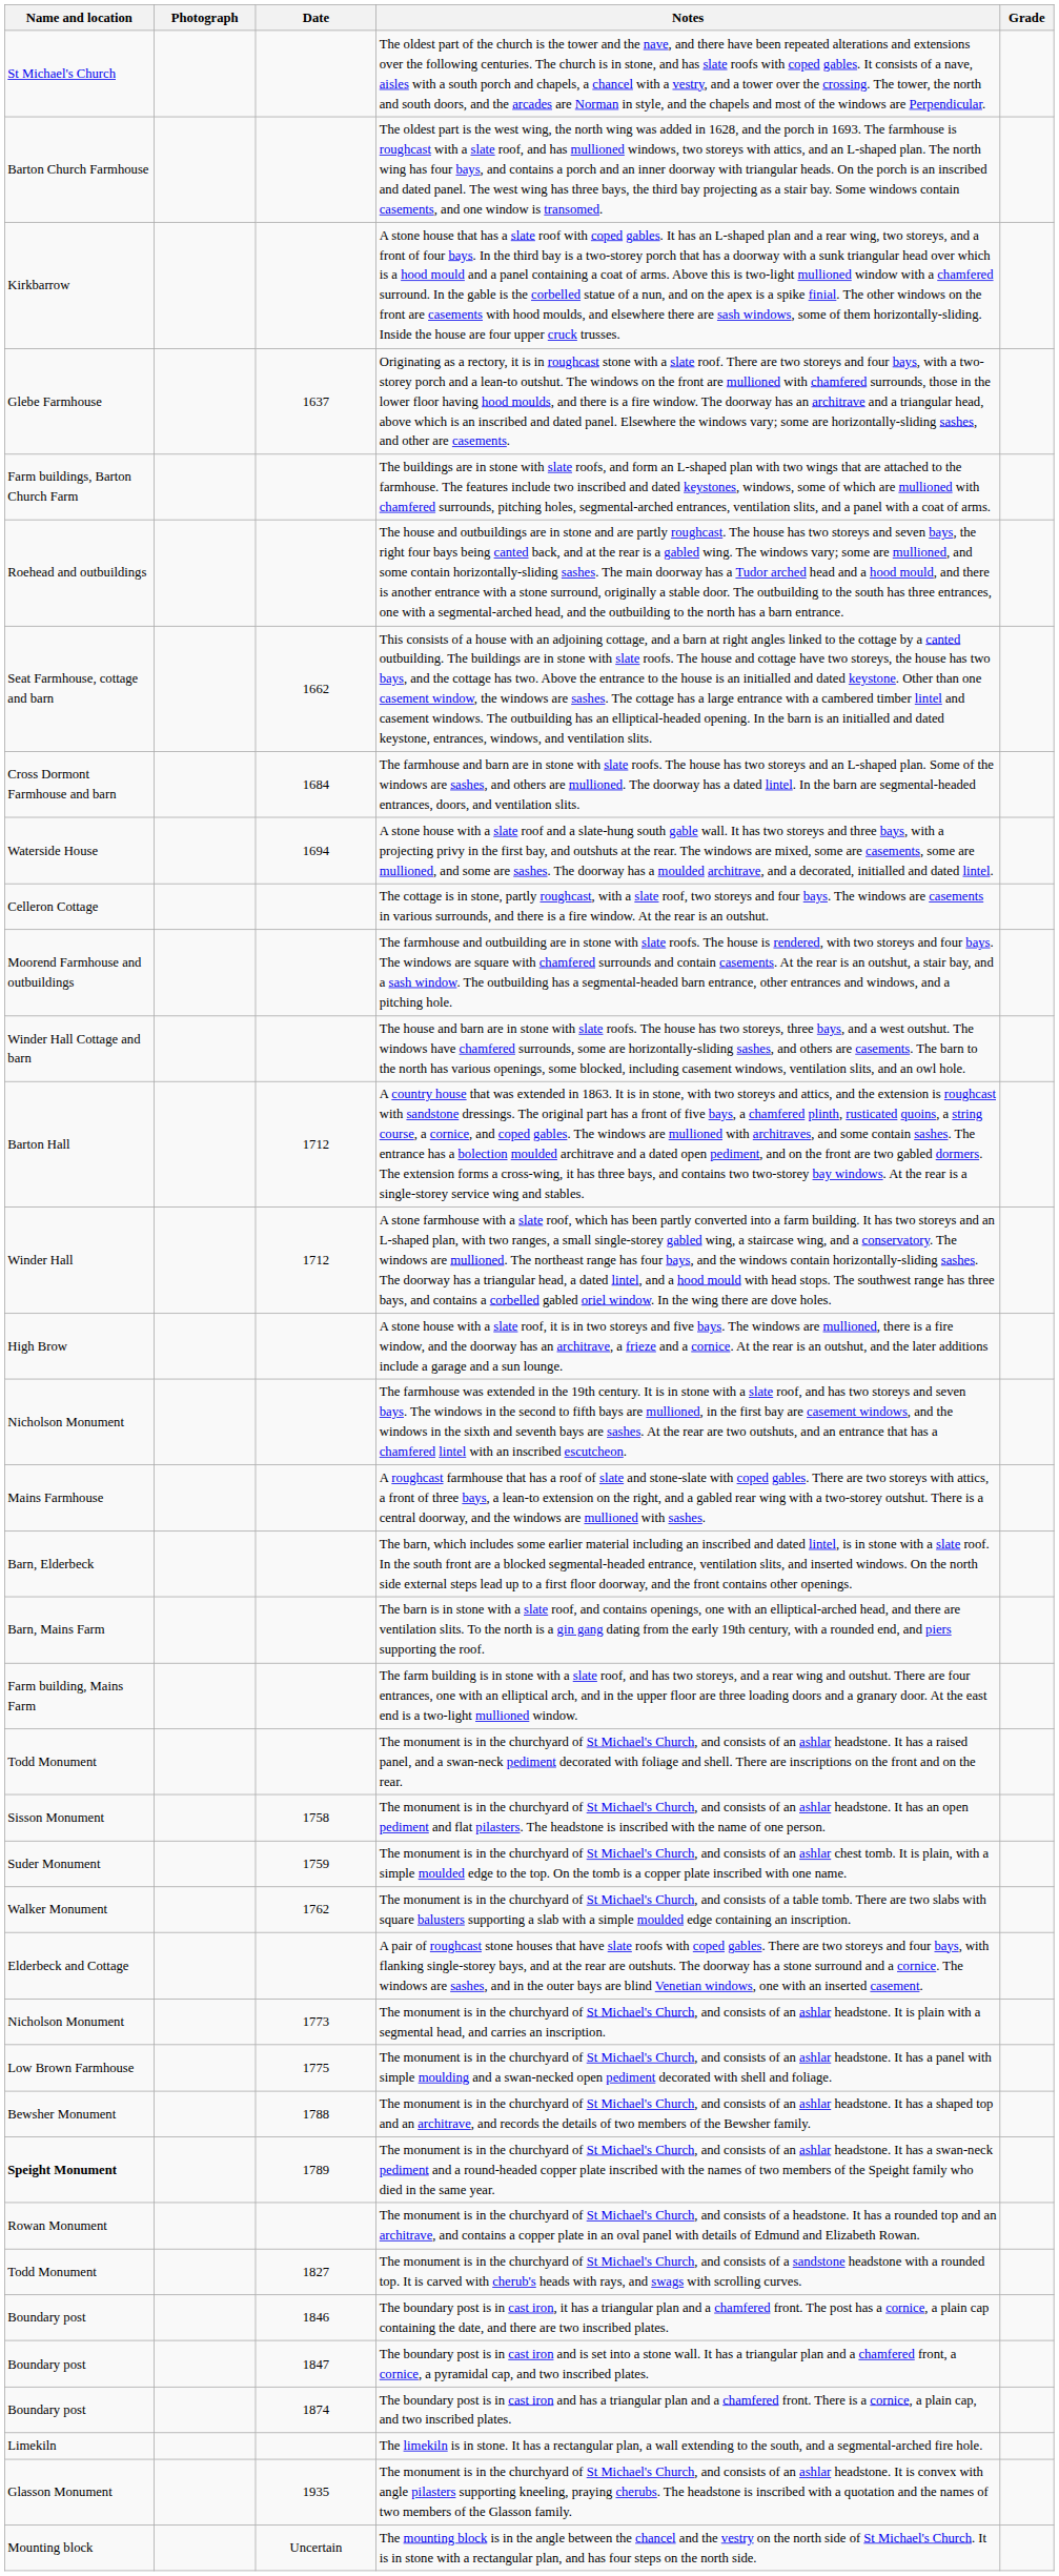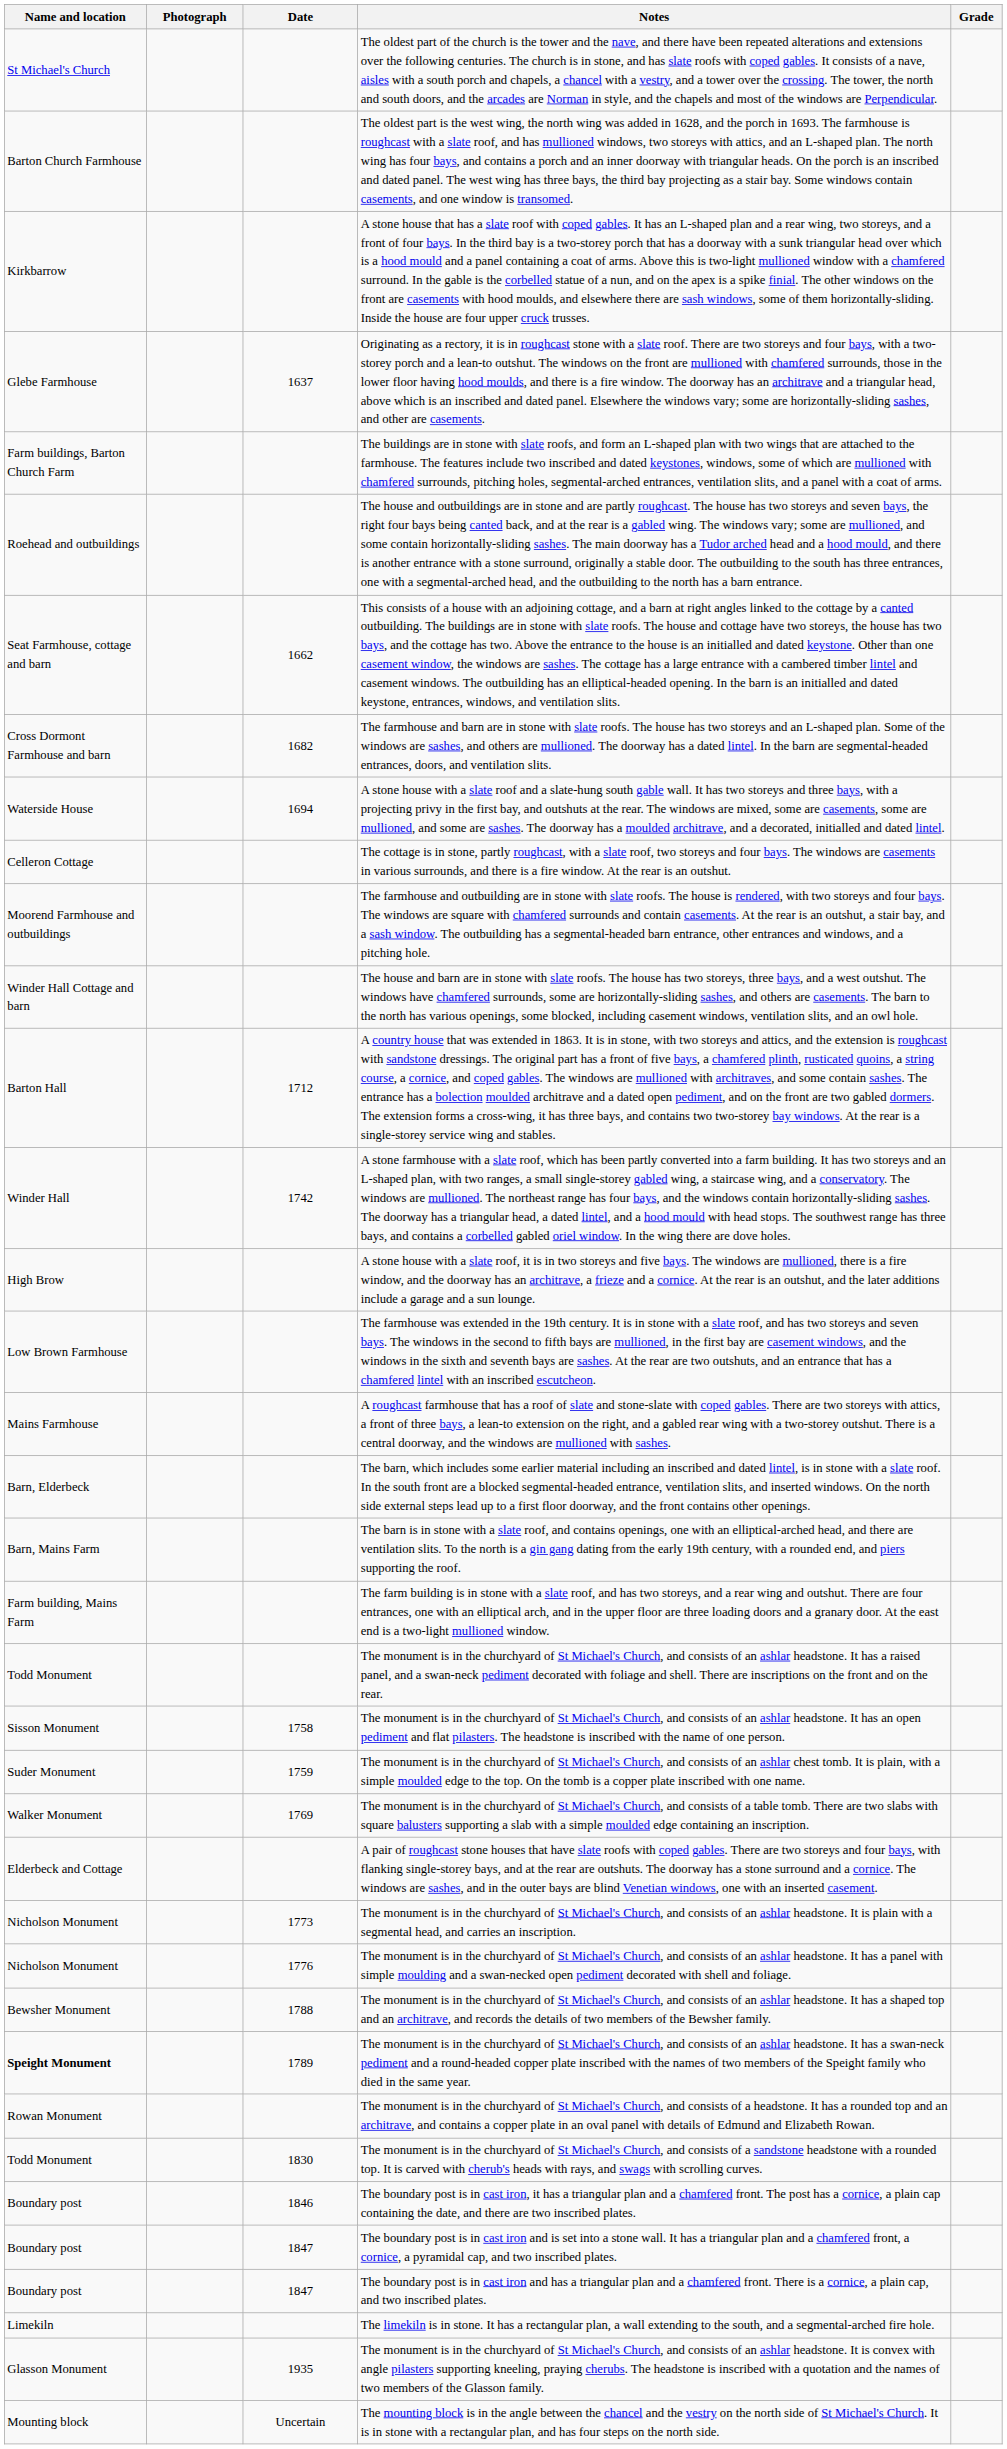 <table class="wikitable sortable plainrowheaders" style="width:100%; border:0; text-align:left; line-height:150%;">
 <tr>
 <th scope="col"  style="width:150px">Name and location</th>
 <th scope="col"  style="width:100px" class="unsortable">Photograph</th>
 <th scope="col"  style="width:120px">Date</th>
 <th scope="col"  style="width:650px" class="unsortable">Notes</th>
 <th scope="col"  style="width:50px">Grade</th>
 </tr>
 <tr>
 <td><a href='#'>St Michael's Church</a><br><small></small></td>
 <td></td>
 <td align="center"></td>
 <td>The oldest part of the church is the tower and the <a href='#'>nave</a>, and there have been repeated alterations and extensions over the following centuries.  The church is in stone, and has <a href='#'>slate</a> roofs with <a href='#'>coped</a> <a href='#'>gables</a>.  It consists of a nave, <a href='#'>aisles</a> with a south porch and chapels, a <a href='#'>chancel</a> with a <a href='#'>vestry</a>, and a tower over the <a href='#'>crossing</a>.  The tower, the north and south doors, and the <a href='#'>arcades</a> are <a href='#'>Norman</a> in style, and the chapels and most of the windows are <a href='#'>Perpendicular</a>.</td>
 <td align="center" ></td>
 </tr>
 <tr>
 <td>Barton Church Farmhouse<br><small></small></td>
 <td></td>
 <td align="center"></td>
 <td>The oldest part is the west wing, the north wing was added in 1628, and the porch in 1693.  The farmhouse is <a href='#'>roughcast</a> with a <a href='#'>slate</a> roof, and has <a href='#'>mullioned</a> windows, two storeys with attics, and an L-shaped plan.  The north wing has four <a href='#'>bays</a>, and contains a porch and an inner doorway with triangular heads.  On the porch is an inscribed and dated panel.  The west wing has three bays, the third bay projecting as a stair bay.  Some windows contain <a href='#'>casements</a>, and one window is <a href='#'>transomed</a>.</td>
 <td align="center" ></td>
 </tr>
 <tr>
 <td>Kirkbarrow<br><small></small></td>
 <td></td>
 <td align="center"></td>
 <td>A stone house that has a <a href='#'>slate</a> roof with <a href='#'>coped</a> <a href='#'>gables</a>.  It has an L-shaped plan and a rear wing, two storeys, and a front of four <a href='#'>bays</a>.  In the third bay is a two-storey porch that has a doorway with a sunk triangular head over which is a <a href='#'>hood mould</a> and a panel containing a coat of arms.  Above this is two-light <a href='#'>mullioned</a> window with a <a href='#'>chamfered</a> surround.  In the gable is the <a href='#'>corbelled</a> statue of a nun, and on the apex is a spike <a href='#'>finial</a>.  The other windows on the front are <a href='#'>casements</a> with hood moulds, and elsewhere there are <a href='#'>sash windows</a>, some of them horizontally-sliding.  Inside the house are four upper <a href='#'>cruck</a> trusses.</td>
 <td align="center" ></td>
 </tr>
 <tr>
 <td>Glebe Farmhouse<br><small></small></td>
 <td></td>
 <td align="center">1637</td>
 <td>Originating as a rectory, it is in <a href='#'>roughcast</a> stone with a <a href='#'>slate</a> roof.  There are two storeys and four <a href='#'>bays</a>, with a two-storey porch and a lean-to outshut.  The windows on the front are <a href='#'>mullioned</a> with <a href='#'>chamfered</a> surrounds, those in the lower floor having <a href='#'>hood moulds</a>, and there is a fire window.  The doorway has an <a href='#'>architrave</a> and a triangular head, above which is an inscribed and dated panel.  Elsewhere the windows vary; some are horizontally-sliding <a href='#'>sashes</a>, and other are <a href='#'>casements</a>.</td>
 <td align="center" ></td>
 </tr>
 <tr>
 <td>Farm buildings, Barton Church Farm<br><small></small></td>
 <td></td>
 <td align="center"></td>
 <td>The buildings are in stone with <a href='#'>slate</a> roofs, and form an L-shaped plan with two wings that are attached to the farmhouse. The features include two inscribed and dated <a href='#'>keystones</a>, windows, some of which are <a href='#'>mullioned</a> with <a href='#'>chamfered</a> surrounds, pitching holes, segmental-arched entrances, ventilation slits, and a panel with a coat of arms.</td>
 <td align="center" ></td>
 </tr>
 <tr>
 <td>Roehead and outbuildings<br><small></small></td>
 <td></td>
 <td align="center"></td>
 <td>The house and outbuildings are in stone and are partly <a href='#'>roughcast</a>.  The house has two storeys and seven <a href='#'>bays</a>, the right four bays being <a href='#'>canted</a> back, and at the rear is a <a href='#'>gabled</a> wing.  The windows vary; some are <a href='#'>mullioned</a>, and some contain horizontally-sliding <a href='#'>sashes</a>.  The main doorway has a <a href='#'>Tudor arched</a> head and a <a href='#'>hood mould</a>, and there is another entrance with a stone surround, originally a stable door.  The outbuilding to the south has three entrances, one with a segmental-arched head, and the outbuilding to the north has a barn entrance.</td>
 <td align="center" ></td>
 </tr>
 <tr>
 <td>Seat Farmhouse, cottage and barn<br><small></small></td>
 <td></td>
 <td align="center">1662</td>
 <td>This consists of a house with an adjoining cottage, and a barn at right angles linked to the cottage by a <a href='#'>canted</a> outbuilding.  The buildings are in stone with <a href='#'>slate</a> roofs.  The house and cottage have two storeys, the house has two <a href='#'>bays</a>, and the cottage has two.  Above the entrance to the house is an initialled and dated <a href='#'>keystone</a>.  Other than one <a href='#'>casement window</a>, the windows are <a href='#'>sashes</a>.  The cottage has a large entrance with a cambered timber <a href='#'>lintel</a> and casement windows.  The outbuilding has an elliptical-headed opening.  In the barn is an initialled and dated keystone, entrances, windows, and ventilation slits.</td>
 <td align="center" ></td>
 </tr>
 <tr>
 <td>Cross Dormont Farmhouse and barn<br><small></small></td>
 <td></td>
-<td align="center">1684</td>
+<td align="center">1682</td>
 <td>The farmhouse and barn are in stone with <a href='#'>slate</a> roofs.  The house has two storeys and an L-shaped plan.  Some of the windows are <a href='#'>sashes</a>, and others are <a href='#'>mullioned</a>.  The doorway has a dated <a href='#'>lintel</a>.  In the barn are segmental-headed entrances, doors, and ventilation slits.</td>
 <td align="center" ></td>
 </tr>
 <tr>
 <td>Waterside House<br><small></small></td>
 <td></td>
 <td align="center">1694</td>
 <td>A stone house with a <a href='#'>slate</a> roof and a slate-hung south <a href='#'>gable</a> wall.  It has two storeys and three <a href='#'>bays</a>, with a projecting privy in the first bay, and outshuts at the rear.  The windows are mixed, some are <a href='#'>casements</a>, some are <a href='#'>mullioned</a>, and some are <a href='#'>sashes</a>.  The doorway has a <a href='#'>moulded</a> <a href='#'>architrave</a>, and a decorated, initialled and dated <a href='#'>lintel</a>.</td>
 <td align="center" ></td>
 </tr>
 <tr>
 <td>Celleron Cottage<br><small></small></td>
 <td></td>
 <td align="center"></td>
 <td>The cottage is in stone, partly <a href='#'>roughcast</a>, with a <a href='#'>slate</a> roof, two storeys and four <a href='#'>bays</a>.  The windows are <a href='#'>casements</a> in various surrounds, and there is a fire window.  At the rear is an outshut.</td>
 <td align="center" ></td>
 </tr>
 <tr>
 <td>Moorend Farmhouse and outbuildings<br><small></small></td>
 <td></td>
 <td align="center"></td>
 <td>The farmhouse and outbuilding are in stone with <a href='#'>slate</a> roofs.  The house is <a href='#'>rendered</a>, with two storeys and four <a href='#'>bays</a>.  The windows are square with <a href='#'>chamfered</a> surrounds and contain <a href='#'>casements</a>.  At the rear is an outshut, a stair bay, and a <a href='#'>sash window</a>.  The outbuilding has a segmental-headed barn entrance, other entrances and windows, and a pitching hole.</td>
 <td align="center" ></td>
 </tr>
 <tr>
 <td>Winder Hall Cottage and barn<br><small></small></td>
 <td></td>
 <td align="center"></td>
 <td>The house and barn are in stone with <a href='#'>slate</a> roofs.  The house has two storeys, three <a href='#'>bays</a>, and a west outshut.  The windows have <a href='#'>chamfered</a> surrounds, some are horizontally-sliding <a href='#'>sashes</a>, and others are <a href='#'>casements</a>.  The barn to the north has various openings, some blocked, including casement windows, ventilation slits, and an owl hole.</td>
 <td align="center" ></td>
 </tr>
 <tr>
 <td>Barton Hall<br><small></small></td>
 <td></td>
 <td align="center">1712</td>
 <td>A <a href='#'>country house</a> that was extended in 1863.  It is in stone, with two storeys and attics, and the extension is <a href='#'>roughcast</a> with <a href='#'>sandstone</a> dressings.  The original part has a front of five <a href='#'>bays</a>, a <a href='#'>chamfered</a> <a href='#'>plinth</a>, <a href='#'>rusticated</a> <a href='#'>quoins</a>, a <a href='#'>string course</a>, a <a href='#'>cornice</a>, and <a href='#'>coped</a> <a href='#'>gables</a>.  The windows are <a href='#'>mullioned</a> with <a href='#'>architraves</a>, and some contain <a href='#'>sashes</a>.  The entrance has a <a href='#'>bolection</a> <a href='#'>moulded</a> architrave and a dated open <a href='#'>pediment</a>, and on the front are two gabled <a href='#'>dormers</a>.  The extension forms a cross-wing, it has three bays, and contains two two-storey <a href='#'>bay windows</a>.  At the rear is a single-storey service wing and stables.</td>
 <td align="center" ></td>
 </tr>
 <tr>
 <td>Winder Hall<br><small></small></td>
 <td></td>
-<td align="center">1712</td>
+<td align="center">1742</td>
 <td>A stone farmhouse with a <a href='#'>slate</a> roof, which has been partly converted into a farm building.  It has two storeys and an L-shaped plan, with two ranges, a small single-storey <a href='#'>gabled</a> wing, a staircase wing, and a <a href='#'>conservatory</a>.  The windows are <a href='#'>mullioned</a>.  The northeast range has four <a href='#'>bays</a>, and the windows contain horizontally-sliding <a href='#'>sashes</a>.  The doorway has a triangular head, a dated <a href='#'>lintel</a>, and a <a href='#'>hood mould</a> with head stops.  The southwest range has three bays, and contains a <a href='#'>corbelled</a> gabled <a href='#'>oriel window</a>.  In the wing there are dove holes.</td>
 <td align="center" ></td>
 </tr>
 <tr>
 <td>High Brow<br><small></small></td>
 <td></td>
 <td align="center"></td>
 <td>A stone house with a <a href='#'>slate</a> roof, it is in two storeys and five <a href='#'>bays</a>.  The windows are <a href='#'>mullioned</a>, there is a fire window, and the doorway has an <a href='#'>architrave</a>, a <a href='#'>frieze</a> and a <a href='#'>cornice</a>.  At the rear is an outshut, and the later additions include a garage and a sun lounge.</td>
 <td align="center" ></td>
 </tr>
 <tr>
-<td>Nicholson Monument<br><small></small></td>
+<td>Low Brown Farmhouse<br><small></small></td>
 <td></td>
 <td align="center"></td>
 <td>The farmhouse was extended in the 19th century.  It is in stone with a <a href='#'>slate</a> roof, and has two storeys and seven <a href='#'>bays</a>.  The windows in the second to fifth bays are <a href='#'>mullioned</a>, in the first bay are <a href='#'>casement windows</a>, and the windows in the sixth and seventh bays are <a href='#'>sashes</a>.  At the rear are two outshuts, and an entrance that has a <a href='#'>chamfered</a> <a href='#'>lintel</a> with an inscribed <a href='#'>escutcheon</a>.</td>
 <td align="center" ></td>
 </tr>
 <tr>
 <td>Mains Farmhouse<br><small></small></td>
 <td></td>
 <td align="center"></td>
 <td>A <a href='#'>roughcast</a> farmhouse that has a roof of <a href='#'>slate</a> and stone-slate with <a href='#'>coped</a> <a href='#'>gables</a>.  There are two storeys with attics, a front of three <a href='#'>bays</a>, a lean-to extension on the right, and a gabled rear wing with a two-storey outshut.  There is a central doorway, and the windows are <a href='#'>mullioned</a> with <a href='#'>sashes</a>.</td>
 <td align="center" ></td>
 </tr>
 <tr>
 <td>Barn, Elderbeck<br><small></small></td>
 <td></td>
 <td align="center"></td>
 <td>The barn, which includes some earlier material including an inscribed and dated <a href='#'>lintel</a>, is in stone with a <a href='#'>slate</a> roof.  In the south front are a blocked segmental-headed entrance, ventilation slits, and inserted windows.  On the north side external steps lead up to a first floor doorway, and the front contains other openings.</td>
 <td align="center" ></td>
 </tr>
 <tr>
 <td>Barn, Mains Farm<br><small></small></td>
 <td></td>
 <td align="center"></td>
 <td>The barn is in stone with a <a href='#'>slate</a> roof, and contains openings, one with an elliptical-arched head, and there are ventilation slits.  To the north is a <a href='#'>gin gang</a> dating from the early 19th century, with a rounded end, and <a href='#'>piers</a> supporting the roof.</td>
 <td align="center" ></td>
 </tr>
 <tr>
 <td>Farm building, Mains Farm<br><small></small></td>
 <td></td>
 <td align="center"></td>
 <td>The farm building is in stone with a <a href='#'>slate</a> roof, and has two storeys, and a rear wing and outshut.  There are four entrances, one with an elliptical arch, and in the upper floor are three loading doors and a granary door.  At the east end is a two-light <a href='#'>mullioned</a> window.</td>
 <td align="center" ></td>
 </tr>
 <tr>
 <td>Todd Monument<br><small></small></td>
 <td></td>
 <td align="center"></td>
 <td>The monument is in the churchyard of <a href='#'>St Michael's Church</a>, and consists of an <a href='#'>ashlar</a> headstone.  It has a raised panel, and a swan-neck <a href='#'>pediment</a> decorated with foliage and shell.  There are inscriptions on the front and on the rear.</td>
 <td align="center" ></td>
 </tr>
 <tr>
 <td>Sisson Monument<br><small></small></td>
 <td></td>
 <td align="center">1758</td>
 <td>The monument is in the churchyard of <a href='#'>St Michael's Church</a>, and consists of an <a href='#'>ashlar</a> headstone.  It has an open <a href='#'>pediment</a> and flat <a href='#'>pilasters</a>.  The headstone is inscribed with the name of one person.</td>
 <td align="center" ></td>
 </tr>
 <tr>
 <td>Suder Monument<br><small></small></td>
 <td></td>
 <td align="center">1759</td>
 <td>The monument is in the churchyard of <a href='#'>St Michael's Church</a>, and consists of an <a href='#'>ashlar</a> chest tomb.  It is plain, with a simple <a href='#'>moulded</a> edge to the top.  On the tomb is a copper plate inscribed with one name.</td>
 <td align="center" ></td>
 </tr>
 <tr>
 <td>Walker Monument<br><small></small></td>
 <td></td>
-<td align="center">1762</td>
+<td align="center">1769</td>
 <td>The monument is in the churchyard of <a href='#'>St Michael's Church</a>, and consists of a table tomb.  There are two slabs with square <a href='#'>balusters</a> supporting a slab with a simple <a href='#'>moulded</a> edge containing an inscription.</td>
 <td align="center" ></td>
 </tr>
 <tr>
 <td>Elderbeck and Cottage<br><small></small></td>
 <td></td>
 <td align="center"></td>
 <td>A pair of <a href='#'>roughcast</a> stone houses that have <a href='#'>slate</a> roofs with <a href='#'>coped</a> <a href='#'>gables</a>.  There are two storeys and four <a href='#'>bays</a>, with flanking single-storey bays, and at the rear are outshuts.  The doorway has a stone surround and a <a href='#'>cornice</a>.  The windows are <a href='#'>sashes</a>, and in the outer bays are blind <a href='#'>Venetian windows</a>, one with an inserted <a href='#'>casement</a>.</td>
 <td align="center" ></td>
 </tr>
 <tr>
 <td>Nicholson Monument<br><small></small></td>
 <td></td>
 <td align="center">1773</td>
 <td>The monument is in the churchyard of <a href='#'>St Michael's Church</a>, and consists of an <a href='#'>ashlar</a> headstone.  It is plain with a segmental head, and carries an inscription.</td>
 <td align="center" ></td>
 </tr>
 <tr>
-<td>Low Brown Farmhouse<br><small></small></td>
+<td>Nicholson Monument<br><small></small></td>
 <td></td>
-<td align="center">1775</td>
+<td align="center">1776</td>
 <td>The monument is in the churchyard of <a href='#'>St Michael's Church</a>, and consists of an <a href='#'>ashlar</a> headstone. It has a panel with simple <a href='#'>moulding</a> and a swan-necked open <a href='#'>pediment</a> decorated with shell and foliage.</td>
 <td align="center" ></td>
 </tr>
 <tr>
 <td>Bewsher Monument<br><small></small></td>
 <td></td>
 <td align="center">1788</td>
 <td>The monument is in the churchyard of <a href='#'>St Michael's Church</a>, and consists of an <a href='#'>ashlar</a> headstone.  It has a shaped top and an <a href='#'>architrave</a>, and records the details of two members of the Bewsher family.</td>
 <td align="center" ></td>
 </tr>
 <tr>
 <td><strong>Speight Monument<br><small></small></strong></td>
 <td></td>
 <td align="center">1789</td>
 <td>The monument is in the churchyard of <a href='#'>St Michael's Church</a>, and consists of an <a href='#'>ashlar</a> headstone.  It has a swan-neck <a href='#'>pediment</a> and a round-headed copper plate inscribed with the names of two members of the Speight family who died in the same year.</td>
 <td align="center" ></td>
 </tr>
 <tr>
 <td>Rowan Monument<br><small></small></td>
 <td></td>
 <td align="center"></td>
 <td>The monument is in the churchyard of <a href='#'>St Michael's Church</a>, and consists of a headstone.  It has a rounded top and an <a href='#'>architrave</a>, and contains a copper plate in an oval panel with details of Edmund and Elizabeth Rowan.</td>
 <td align="center" ></td>
 </tr>
 <tr>
 <td>Todd Monument<br><small></small></td>
 <td></td>
-<td align="center">1827</td>
+<td align="center">1830</td>
 <td>The monument is in the churchyard of <a href='#'>St Michael's Church</a>, and consists of a <a href='#'>sandstone</a> headstone with a rounded top.  It is carved with <a href='#'>cherub's</a> heads with rays, and <a href='#'>swags</a> with scrolling curves.</td>
 <td align="center" ></td>
 </tr>
 <tr>
 <td>Boundary post<br><small></small></td>
 <td></td>
 <td align="center">1846</td>
 <td>The boundary post is in <a href='#'>cast iron</a>, it has a triangular plan and a <a href='#'>chamfered</a> front.  The post has a <a href='#'>cornice</a>, a plain cap containing the date, and there are two inscribed plates.</td>
 <td align="center" ></td>
 </tr>
 <tr>
 <td>Boundary post<br><small></small></td>
 <td></td>
 <td align="center">1847</td>
 <td>The boundary post is in <a href='#'>cast iron</a> and is set into a stone wall.  It has a triangular plan and a <a href='#'>chamfered</a> front, a <a href='#'>cornice</a>, a pyramidal cap, and two inscribed plates.</td>
 <td align="center" ></td>
 </tr>
 <tr>
 <td>Boundary post<br><small></small></td>
 <td></td>
-<td align="center">1874</td>
+<td align="center">1847</td>
 <td>The boundary post is in <a href='#'>cast iron</a> and has a triangular plan and a <a href='#'>chamfered</a> front.  There is a <a href='#'>cornice</a>, a plain cap, and two inscribed plates.</td>
 <td align="center" ></td>
 </tr>
 <tr>
 <td>Limekiln<br><small></small></td>
 <td></td>
 <td align="center"></td>
 <td>The <a href='#'>limekiln</a> is in stone.  It has a rectangular plan, a wall extending to the south, and a segmental-arched fire hole.</td>
 <td align="center" ></td>
 </tr>
 <tr>
 <td>Glasson Monument<br><small></small></td>
 <td></td>
 <td align="center">1935</td>
 <td>The monument is in the churchyard of <a href='#'>St Michael's Church</a>, and consists of an <a href='#'>ashlar</a> headstone.  It is convex with angle <a href='#'>pilasters</a> supporting kneeling, praying <a href='#'>cherubs</a>.  The headstone is inscribed with a quotation and the names of two members of the Glasson family.</td>
 <td align="center" ></td>
 </tr>
 <tr>
 <td>Mounting block<br><small></small></td>
 <td></td>
 <td align="center">Uncertain</td>
 <td>The <a href='#'>mounting block</a> is in the angle between the <a href='#'>chancel</a> and the <a href='#'>vestry</a> on the north side of <a href='#'>St Michael's Church</a>.  It is in stone with a rectangular plan, and has four steps on the north side.</td>
 <td align="center" ></td>
 </tr>
 <tr>
 </tr>
 </table>
